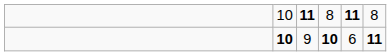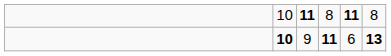 <table class="wikitable">
 <tr>
 <td style="width:18em"></td>
 <td align=center style="width:1em">10</td>
 <td align=center style="width:1em"><strong>11</strong></td>
 <td align=center style="width:1em">8</td>
 <td align=center style="width:1em"><strong>11</strong></td>
 <td align=center style="width:1em">8</td>
 </tr>
 <tr>
 <td style="width:18em"><strong> </strong></td>
 <td align=center style="width:1em"><strong>10</strong></td>
 <td align=center style="width:1em">9</td>
-<td align=center style="width:1em"><strong>10</strong></td>
+<td align=center style="width:1em"><strong>11</strong></td>
 <td align=center style="width:1em">6</td>
-<td align=center style="width:1em"><strong>11</strong></td>
+<td align=center style="width:1em"><strong>13</strong></td>
 </tr>
 </table>
